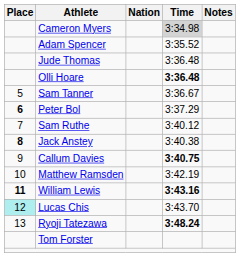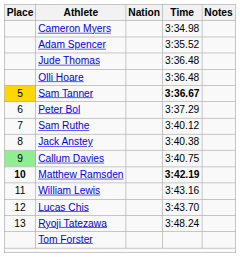 <table class="wikitable mw-datatable sortable" style="text-align:center;">
 <tr>
 <th scope="col">Place</th>
 <th scope="col">Athlete</th>
 <th scope="col">Nation</th>
 <th scope="col">Time</th>
 <th scope="col">Notes</th>
 </tr>
 <tr>
 <td></td>
 <td align="left"><a href='#'>Cameron Myers</a></td>
 <td align="left"></td>
-<td style="background: lightgrey;">3:34.98</td>
+<td>3:34.98</td>
 <td></td>
 </tr>
 <tr>
 <td></td>
 <td align="left"><a href='#'>Adam Spencer</a></td>
 <td align="left"></td>
 <td>3:35.52</td>
 <td></td>
 </tr>
 <tr>
 <td></td>
 <td align="left"><a href='#'>Jude Thomas</a></td>
 <td align="left"></td>
 <td>3:36.48 </td>
 <td></td>
 </tr>
 <tr>
 <td></td>
 <td align="left"><a href='#'>Olli Hoare</a></td>
 <td align="left"></td>
-<td><strong>3:36.48 </strong></td>
+<td>3:36.48 </td>
 <td></td>
 </tr>
 <tr>
-<td>5</td>
+<td style="background: gold;">5</td>
 <td align="left"><a href='#'>Sam Tanner</a></td>
 <td align="left"></td>
-<td>3:36.67</td>
+<td><strong>3:36.67</strong></td>
 <td></td>
 </tr>
 <tr>
-<td><strong>6</strong></td>
+<td>6</td>
 <td align="left"><a href='#'>Peter Bol</a></td>
 <td align="left"></td>
 <td>3:37.29</td>
 <td></td>
 </tr>
 <tr>
 <td>7</td>
 <td align="left"><a href='#'>Sam Ruthe</a></td>
 <td align="left"></td>
 <td>3:40.12</td>
 <td></td>
 </tr>
 <tr>
-<td><strong>8</strong></td>
+<td>8</td>
 <td align="left"><a href='#'>Jack Anstey</a></td>
 <td align="left"></td>
 <td>3:40.38</td>
 <td></td>
 </tr>
 <tr>
-<td>9</td>
+<td style="background: lightgreen;">9</td>
 <td align="left"><a href='#'>Callum Davies</a></td>
 <td align="left"></td>
-<td><strong>3:40.75</strong></td>
+<td>3:40.75</td>
 <td></td>
 </tr>
 <tr>
-<td>10</td>
+<td><strong>10</strong></td>
 <td align="left"><a href='#'>Matthew Ramsden</a></td>
 <td align="left"></td>
-<td>3:42.19</td>
+<td><strong>3:42.19</strong></td>
 <td></td>
 </tr>
 <tr>
-<td><strong>11</strong></td>
+<td>11</td>
 <td align="left"><a href='#'>William Lewis</a></td>
 <td align="left"></td>
-<td><strong>3:43.16</strong></td>
+<td>3:43.16</td>
 <td></td>
 </tr>
 <tr>
-<td style="background: paleturquoise;">12</td>
+<td>12</td>
 <td align="left"><a href='#'>Lucas Chis</a></td>
 <td align="left"></td>
 <td>3:43.70</td>
 <td></td>
 </tr>
 <tr>
 <td>13</td>
 <td align="left"><a href='#'>Ryoji Tatezawa</a></td>
 <td align="left"></td>
-<td><strong>3:48.24</strong></td>
+<td>3:48.24</td>
 <td></td>
 </tr>
 <tr>
 <td></td>
 <td align="left"><a href='#'>Tom Forster</a></td>
 <td align="left"></td>
 <td></td>
 <td></td>
 </tr>
 <tr class="sortbottom">
 <td colspan="5"></td>
 </tr>
 </table>
